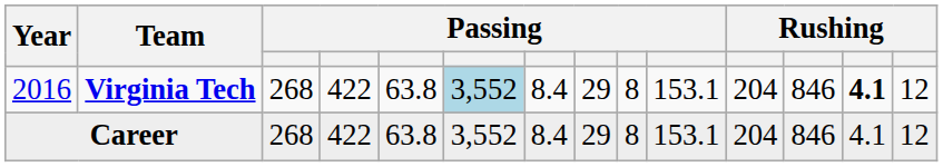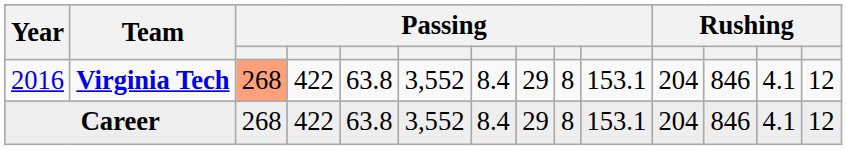 <table class="wikitable sortable" style="text-align:center;">
 <tr>
 <th rowspan=2>Year</th>
 <th rowspan=2>Team</th>
 <th colspan=8>Passing</th>
 <th colspan=4>Rushing</th>
 </tr>
 <tr>
 <th></th>
 <th></th>
 <th></th>
 <th></th>
 <th></th>
 <th></th>
 <th></th>
 <th></th>
 <th></th>
 <th></th>
 <th></th>
 <th></th>
 </tr>
 <tr>
 <td><a href='#'>2016</a></td>
 <td><strong><a href='#'>Virginia Tech</a></strong></td>
-<td>268</td>
+<td style="background: lightsalmon;">268</td>
 <td>422</td>
 <td>63.8</td>
-<td style="background: lightblue;">3,552</td>
+<td>3,552</td>
 <td>8.4</td>
 <td>29</td>
 <td>8</td>
 <td>153.1</td>
 <td>204</td>
 <td>846</td>
-<td><strong>4.1</strong></td>
+<td>4.1</td>
 <td>12</td>
 </tr>
 <tr class="sortbottom" style="background:#eee;">
 <td colspan=2><strong>Career</strong></td>
 <td>268</td>
 <td>422</td>
 <td>63.8</td>
 <td>3,552</td>
 <td>8.4</td>
 <td>29</td>
 <td>8</td>
 <td>153.1</td>
 <td>204</td>
 <td>846</td>
 <td>4.1</td>
 <td>12</td>
 </tr>
 </table>
